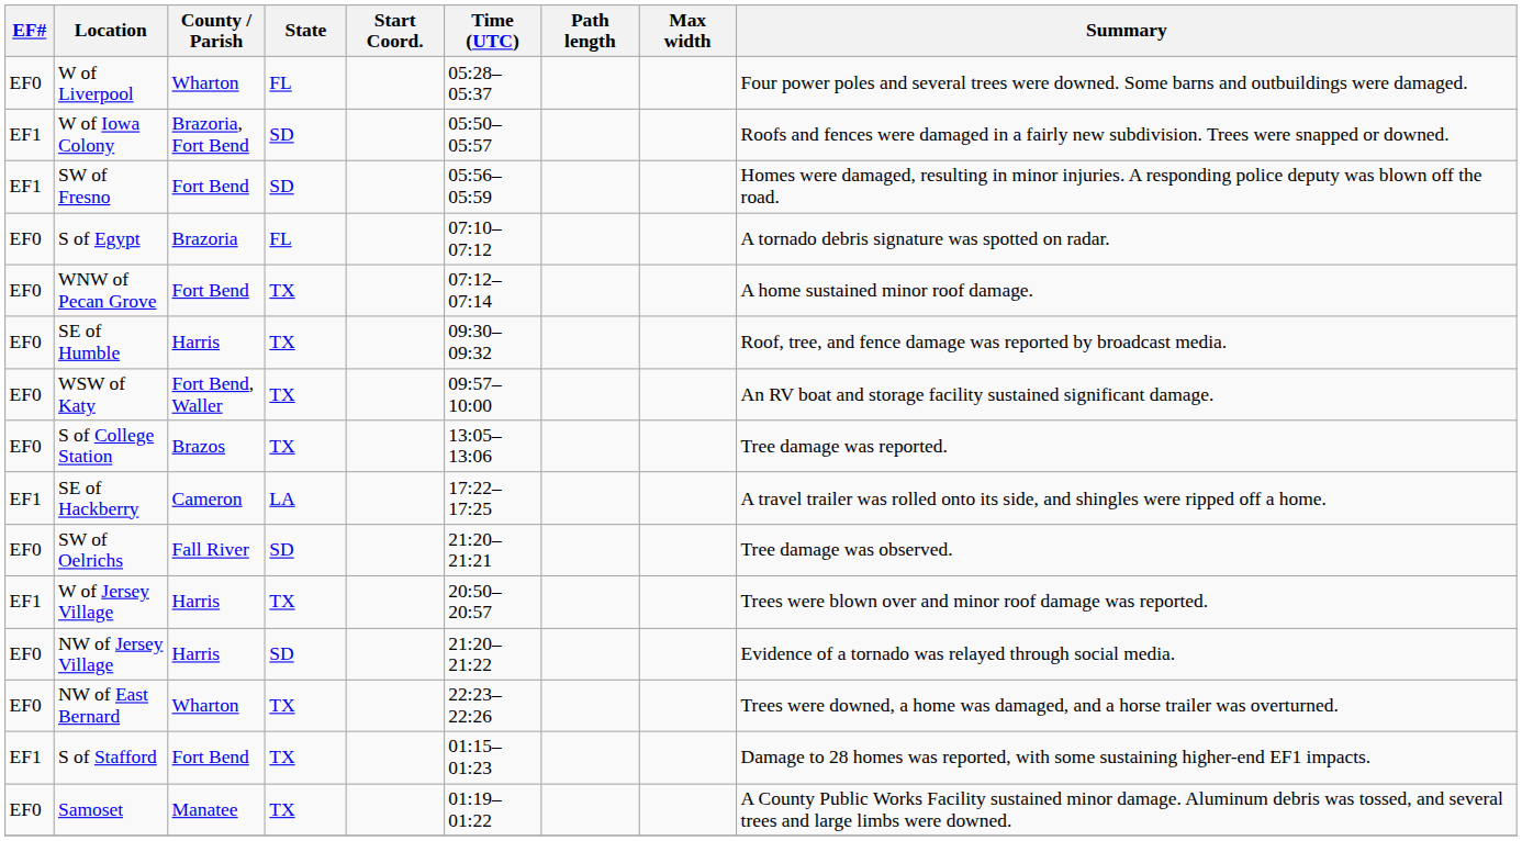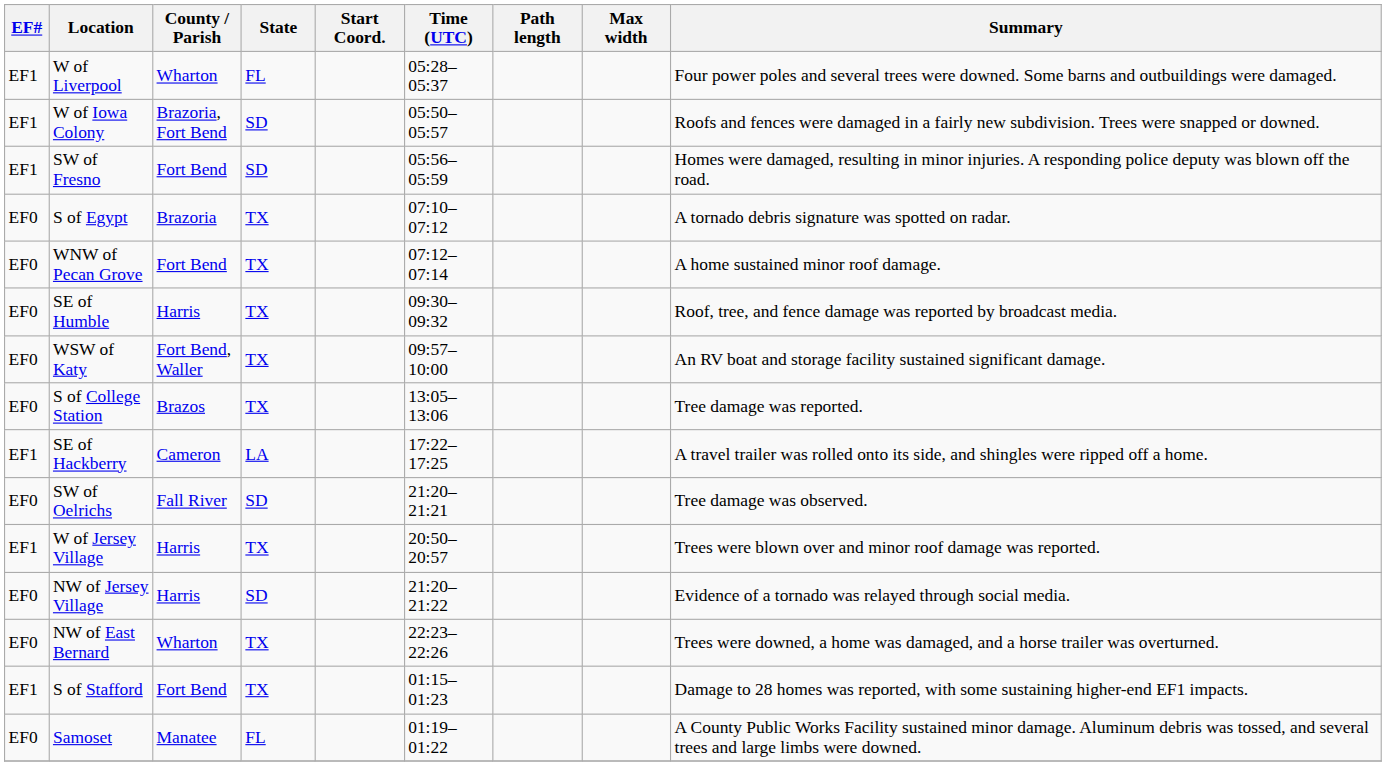 <table class="wikitable sortable" style="width:100%;">
 <tr>
 <th scope="col"  style="width:3%; text-align:center;"><a href='#'>EF#</a></th>
 <th scope="col"  style="width:7%; text-align:center;" class="unsortable">Location</th>
 <th scope="col"  style="width:6%; text-align:center;" class="unsortable">County / Parish</th>
 <th scope="col"  style="width:5%; text-align:center;">State</th>
 <th scope="col"  style="width:6%; text-align:center;">Start Coord.</th>
 <th scope="col"  style="width:6%; text-align:center;">Time (<a href='#'>UTC</a>)</th>
 <th scope="col"  style="width:6%; text-align:center;">Path length</th>
 <th scope="col"  style="width:6%; text-align:center;">Max width</th>
 <th scope="col" class="unsortable" style="width:48%; text-align:center;">Summary</th>
 </tr>
 <tr>
-<td>EF0</td>
+<td>EF1</td>
 <td>W of <a href='#'>Liverpool</a></td>
 <td><a href='#'>Wharton</a></td>
 <td><a href='#'>FL</a></td>
 <td></td>
 <td>05:28–05:37</td>
 <td></td>
 <td></td>
 <td>Four power poles and several trees were downed. Some barns and outbuildings were damaged.</td>
 </tr>
 <tr>
 <td>EF1</td>
 <td>W of <a href='#'>Iowa Colony</a></td>
 <td><a href='#'>Brazoria</a>, <a href='#'>Fort Bend</a></td>
 <td><a href='#'>SD</a></td>
 <td></td>
 <td>05:50–05:57</td>
 <td></td>
 <td></td>
 <td>Roofs and fences were damaged in a fairly new subdivision. Trees were snapped or downed.</td>
 </tr>
 <tr>
 <td>EF1</td>
 <td>SW of <a href='#'>Fresno</a></td>
 <td><a href='#'>Fort Bend</a></td>
 <td><a href='#'>SD</a></td>
 <td></td>
 <td>05:56–05:59</td>
 <td></td>
 <td></td>
 <td>Homes were damaged, resulting in minor injuries. A responding police deputy was blown off the road.</td>
 </tr>
 <tr>
 <td>EF0</td>
 <td>S of <a href='#'>Egypt</a></td>
 <td><a href='#'>Brazoria</a></td>
-<td><a href='#'>FL</a></td>
+<td><a href='#'>TX</a></td>
 <td></td>
 <td>07:10–07:12</td>
 <td></td>
 <td></td>
 <td>A tornado debris signature was spotted on radar.</td>
 </tr>
 <tr>
 <td>EF0</td>
 <td>WNW of <a href='#'>Pecan Grove</a></td>
 <td><a href='#'>Fort Bend</a></td>
 <td><a href='#'>TX</a></td>
 <td></td>
 <td>07:12–07:14</td>
 <td></td>
 <td></td>
 <td>A home sustained minor roof damage.</td>
 </tr>
 <tr>
 <td>EF0</td>
 <td>SE of <a href='#'>Humble</a></td>
 <td><a href='#'>Harris</a></td>
 <td><a href='#'>TX</a></td>
 <td></td>
 <td>09:30–09:32</td>
 <td></td>
 <td></td>
 <td>Roof, tree, and fence damage was reported by broadcast media.</td>
 </tr>
 <tr>
 <td>EF0</td>
 <td>WSW of <a href='#'>Katy</a></td>
 <td><a href='#'>Fort Bend</a>, <a href='#'>Waller</a></td>
 <td><a href='#'>TX</a></td>
 <td></td>
 <td>09:57–10:00</td>
 <td></td>
 <td></td>
 <td>An RV boat and storage facility sustained significant damage.</td>
 </tr>
 <tr>
 <td>EF0</td>
 <td>S of <a href='#'>College Station</a></td>
 <td><a href='#'>Brazos</a></td>
 <td><a href='#'>TX</a></td>
 <td></td>
 <td>13:05–13:06</td>
 <td></td>
 <td></td>
 <td>Tree damage was reported.</td>
 </tr>
 <tr>
 <td>EF1</td>
 <td>SE of <a href='#'>Hackberry</a></td>
 <td><a href='#'>Cameron</a></td>
 <td><a href='#'>LA</a></td>
 <td></td>
 <td>17:22–17:25</td>
 <td></td>
 <td></td>
 <td>A travel trailer was rolled onto its side, and shingles were ripped off a home.</td>
 </tr>
 <tr>
 <td>EF0</td>
 <td>SW of <a href='#'>Oelrichs</a></td>
 <td><a href='#'>Fall River</a></td>
 <td><a href='#'>SD</a></td>
 <td></td>
 <td>21:20–21:21</td>
 <td></td>
 <td></td>
 <td>Tree damage was observed.</td>
 </tr>
 <tr>
 <td>EF1</td>
 <td>W of <a href='#'>Jersey Village</a></td>
 <td><a href='#'>Harris</a></td>
 <td><a href='#'>TX</a></td>
 <td></td>
 <td>20:50–20:57</td>
 <td></td>
 <td></td>
 <td>Trees were blown over and minor roof damage was reported.</td>
 </tr>
 <tr>
 <td>EF0</td>
 <td>NW of <a href='#'>Jersey Village</a></td>
 <td><a href='#'>Harris</a></td>
 <td><a href='#'>SD</a></td>
 <td></td>
 <td>21:20–21:22</td>
 <td></td>
 <td></td>
 <td>Evidence of a tornado was relayed through social media.</td>
 </tr>
 <tr>
 <td>EF0</td>
 <td>NW of <a href='#'>East Bernard</a></td>
 <td><a href='#'>Wharton</a></td>
 <td><a href='#'>TX</a></td>
 <td></td>
 <td>22:23–22:26</td>
 <td></td>
 <td></td>
 <td>Trees were downed, a home was damaged, and a horse trailer was overturned.</td>
 </tr>
 <tr>
 <td>EF1</td>
 <td>S of <a href='#'>Stafford</a></td>
 <td><a href='#'>Fort Bend</a></td>
 <td><a href='#'>TX</a></td>
 <td></td>
 <td>01:15–01:23</td>
 <td></td>
 <td></td>
 <td>Damage to 28 homes was reported, with some sustaining higher-end EF1 impacts.</td>
 </tr>
 <tr>
 <td>EF0</td>
 <td><a href='#'>Samoset</a></td>
 <td><a href='#'>Manatee</a></td>
-<td><a href='#'>TX</a></td>
+<td><a href='#'>FL</a></td>
 <td></td>
 <td>01:19–01:22</td>
 <td></td>
 <td></td>
 <td>A County Public Works Facility sustained minor damage. Aluminum debris was tossed, and several trees and large limbs were downed.</td>
 </tr>
 <tr>
 </tr>
 </table>
